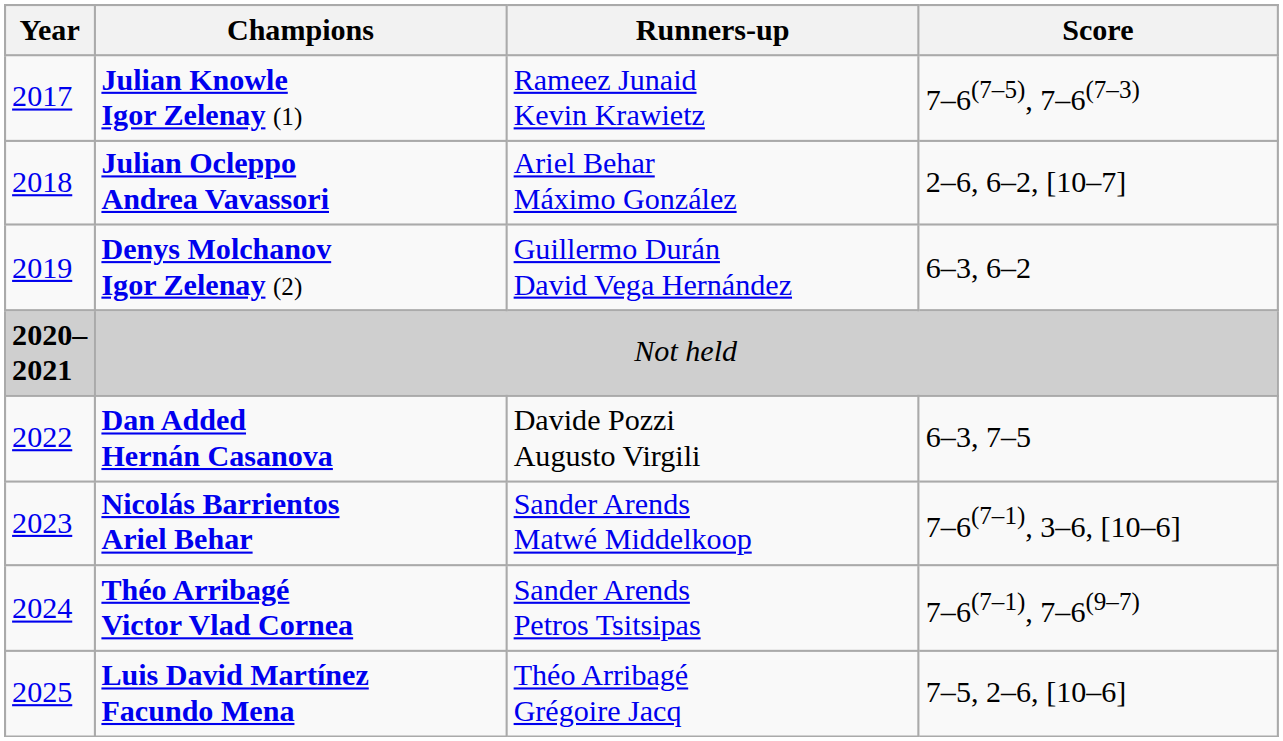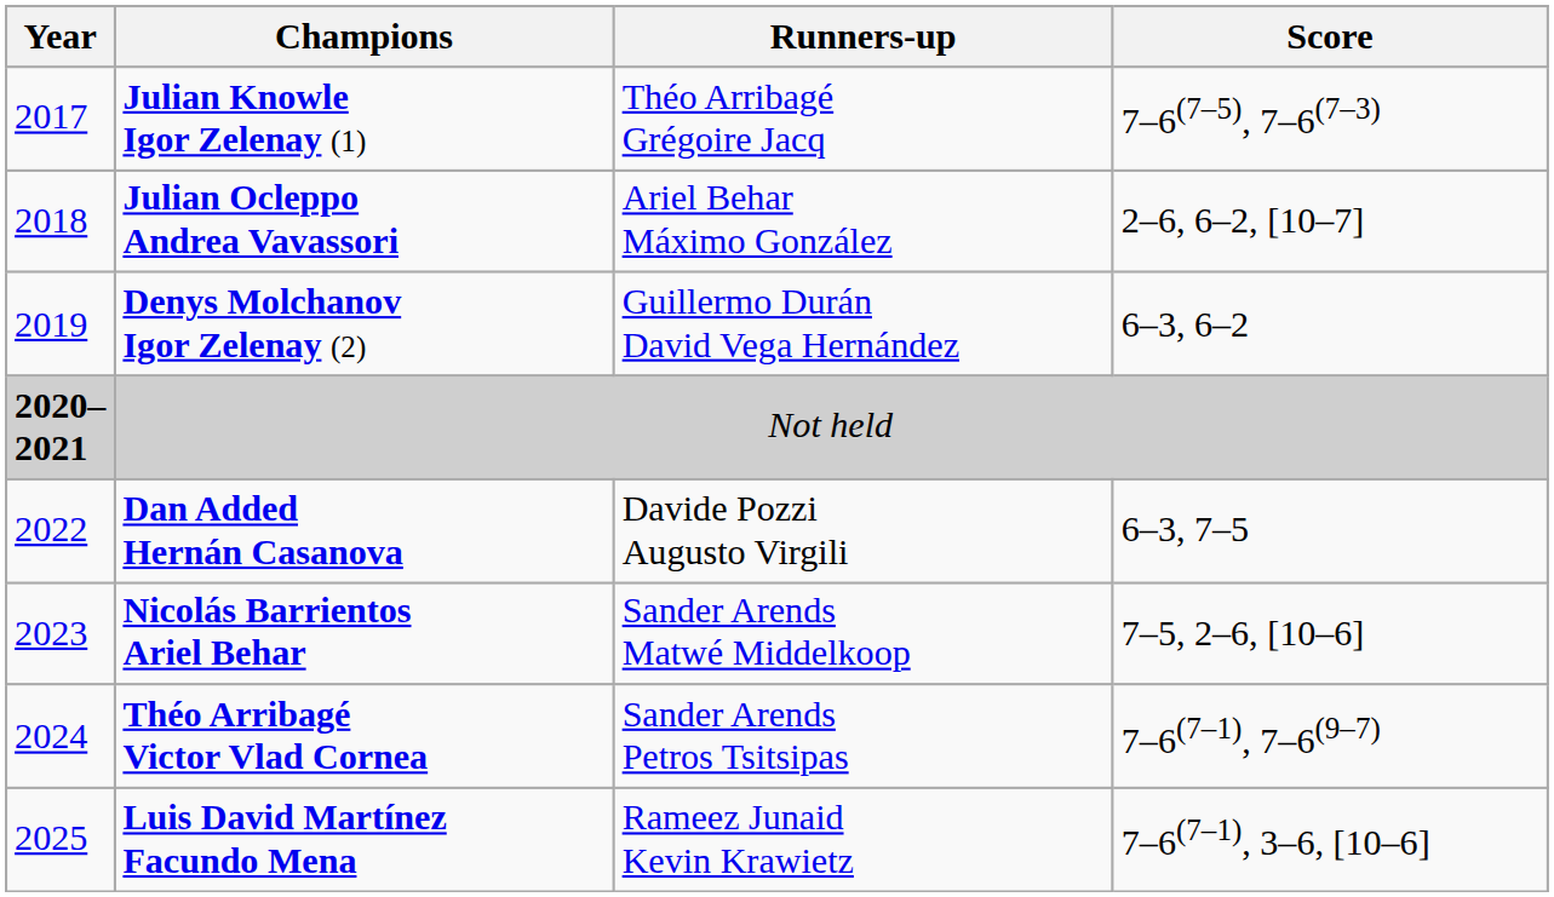 <table class="wikitable" style="font-size:90%">
 <tr>
 <th>Year</th>
 <th width="200">Champions</th>
 <th width="200">Runners-up</th>
 <th width="175">Score</th>
 </tr>
 <tr>
 <td><a href='#'>2017</a></td>
 <td> <strong><a href='#'>Julian Knowle</a></strong><br> <strong><a href='#'>Igor Zelenay</a></strong> <small>(1)</small></td>
-<td> <a href='#'>Rameez Junaid</a><br> <a href='#'>Kevin Krawietz</a></td>
+<td> <a href='#'>Théo Arribagé</a><br> <a href='#'>Grégoire Jacq</a></td>
 <td>7–6<sup>(7–5)</sup>, 7–6<sup>(7–3)</sup></td>
 </tr>
 <tr>
 <td><a href='#'>2018</a></td>
 <td> <strong><a href='#'>Julian Ocleppo</a></strong><br> <strong><a href='#'>Andrea Vavassori</a></strong></td>
 <td> <a href='#'>Ariel Behar</a><br> <a href='#'>Máximo González</a></td>
 <td>2–6, 6–2, [10–7]</td>
 </tr>
 <tr>
 <td><a href='#'>2019</a></td>
 <td> <strong><a href='#'>Denys Molchanov</a></strong><br> <strong><a href='#'>Igor Zelenay</a></strong> <small>(2)</small></td>
 <td> <a href='#'>Guillermo Durán</a><br> <a href='#'>David Vega Hernández</a></td>
 <td>6–3, 6–2</td>
 </tr>
 <tr>
 <td style="background:#cfcfcf"><strong>2020–<br>2021</strong></td>
 <td colspan=3 align=center style="background:#cfcfcf"><em>Not held</em></td>
 </tr>
 <tr>
 <td><a href='#'>2022</a></td>
 <td> <strong><a href='#'>Dan Added</a></strong><br> <strong><a href='#'>Hernán Casanova</a></strong></td>
 <td> Davide Pozzi<br> Augusto Virgili</td>
 <td>6–3, 7–5</td>
 </tr>
 <tr>
 <td><a href='#'>2023</a></td>
 <td> <strong><a href='#'>Nicolás Barrientos</a></strong><br> <strong><a href='#'>Ariel Behar</a></strong></td>
 <td> <a href='#'>Sander Arends</a><br> <a href='#'>Matwé Middelkoop</a></td>
-<td>7–6<sup>(7–1)</sup>, 3–6, [10–6]</td>
+<td>7–5, 2–6, [10–6]</td>
 </tr>
 <tr>
 <td><a href='#'>2024</a></td>
 <td> <strong><a href='#'>Théo Arribagé</a></strong><br> <strong><a href='#'>Victor Vlad Cornea</a></strong></td>
 <td> <a href='#'>Sander Arends</a><br> <a href='#'>Petros Tsitsipas</a></td>
 <td>7–6<sup>(7–1)</sup>, 7–6<sup>(9–7)</sup></td>
 </tr>
 <tr>
 <td><a href='#'>2025</a></td>
 <td> <strong><a href='#'>Luis David Martínez</a></strong><br> <strong><a href='#'>Facundo Mena</a></strong></td>
-<td> <a href='#'>Théo Arribagé</a><br> <a href='#'>Grégoire Jacq</a></td>
-<td>7–5, 2–6, [10–6]</td>
+<td> <a href='#'>Rameez Junaid</a><br> <a href='#'>Kevin Krawietz</a></td>
+<td>7–6<sup>(7–1)</sup>, 3–6, [10–6]</td>
 </tr>
 </table>
